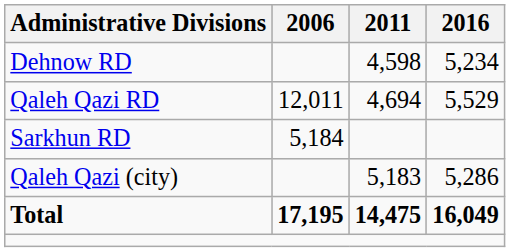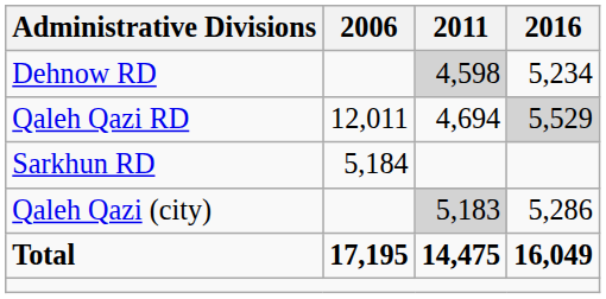 <table class="wikitable">
 <tr>
 <th>Administrative Divisions</th>
 <th>2006</th>
 <th>2011</th>
 <th>2016</th>
 </tr>
 <tr>
 <td><a href='#'>Dehnow RD</a></td>
 <td style="text-align: right;"></td>
-<td style="text-align: right;">4,598</td>
+<td style="background: lightgrey; text-align: right;">4,598</td>
 <td style="text-align: right;">5,234</td>
 </tr>
 <tr>
 <td><a href='#'>Qaleh Qazi RD</a></td>
 <td style="text-align: right;">12,011</td>
 <td style="text-align: right;">4,694</td>
-<td style="text-align: right;">5,529</td>
+<td style="background: lightgrey; text-align: right;">5,529</td>
 </tr>
 <tr>
 <td><a href='#'>Sarkhun RD</a></td>
 <td style="text-align: right;">5,184</td>
 <td style="text-align: right;"></td>
 <td style="text-align: right;"></td>
 </tr>
 <tr>
 <td><a href='#'>Qaleh Qazi</a> (city)</td>
 <td style="text-align: right;"></td>
-<td style="text-align: right;">5,183</td>
+<td style="background: lightgrey; text-align: right;">5,183</td>
 <td style="text-align: right;">5,286</td>
 </tr>
 <tr>
 <td><strong>Total</strong></td>
 <td style="text-align: right;"><strong>17,195</strong></td>
 <td style="text-align: right;"><strong>14,475</strong></td>
 <td style="text-align: right;"><strong>16,049</strong></td>
 </tr>
 <tr>
 <td colspan=4></td>
 </tr>
 </table>
